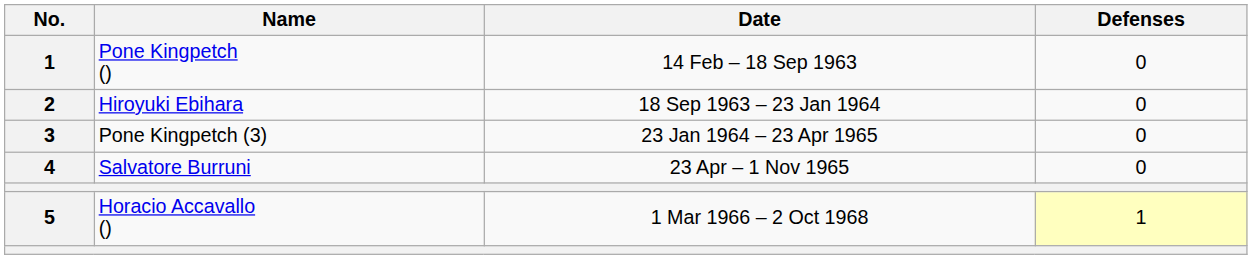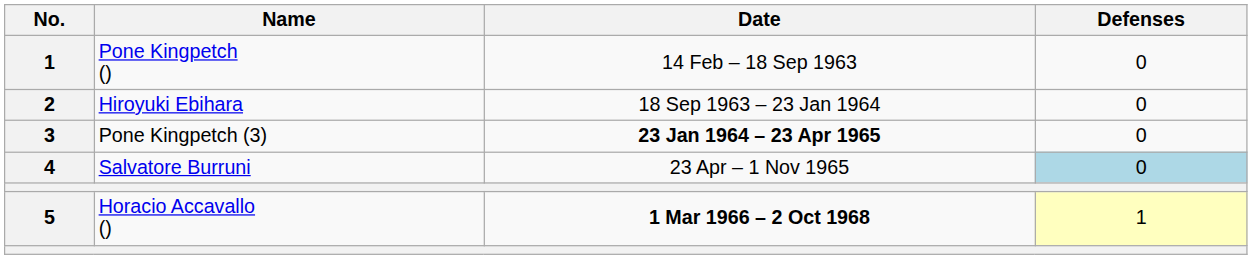 <table class="wikitable sortable" style="width:80%">
 <tr>
 <th>No.</th>
 <th>Name</th>
 <th>Date</th>
 <th>Defenses</th>
 </tr>
 <tr align=center>
 <th>1</th>
 <td align=left><a href='#'>Pone Kingpetch</a><br>()</td>
 <td>14 Feb – 18 Sep 1963</td>
 <td>0</td>
 </tr>
 <tr align=center>
 <th>2</th>
 <td align=left><a href='#'>Hiroyuki Ebihara</a></td>
 <td>18 Sep 1963 – 23 Jan 1964</td>
 <td>0</td>
 </tr>
 <tr align=center>
 <th>3</th>
 <td align=left>Pone Kingpetch (3)</td>
-<td>23 Jan 1964 – 23 Apr 1965</td>
+<td><strong>23 Jan 1964 – 23 Apr 1965</strong></td>
 <td>0</td>
 </tr>
 <tr align=center>
 <th>4</th>
 <td align=left><a href='#'>Salvatore Burruni</a></td>
 <td>23 Apr – 1 Nov 1965</td>
-<td>0</td>
+<td style="background: lightblue;">0</td>
 </tr>
 <tr align=center>
 <th colspan=4></th>
 </tr>
 <tr align=center>
 <th>5</th>
 <td align=left><a href='#'>Horacio Accavallo</a><br>()</td>
-<td>1 Mar 1966 – 2 Oct 1968</td>
+<td><strong>1 Mar 1966 – 2 Oct 1968</strong></td>
 <td style="background:#ffffbf;">1</td>
 </tr>
 <tr align=center>
 <th colspan=4></th>
 </tr>
 </table>
